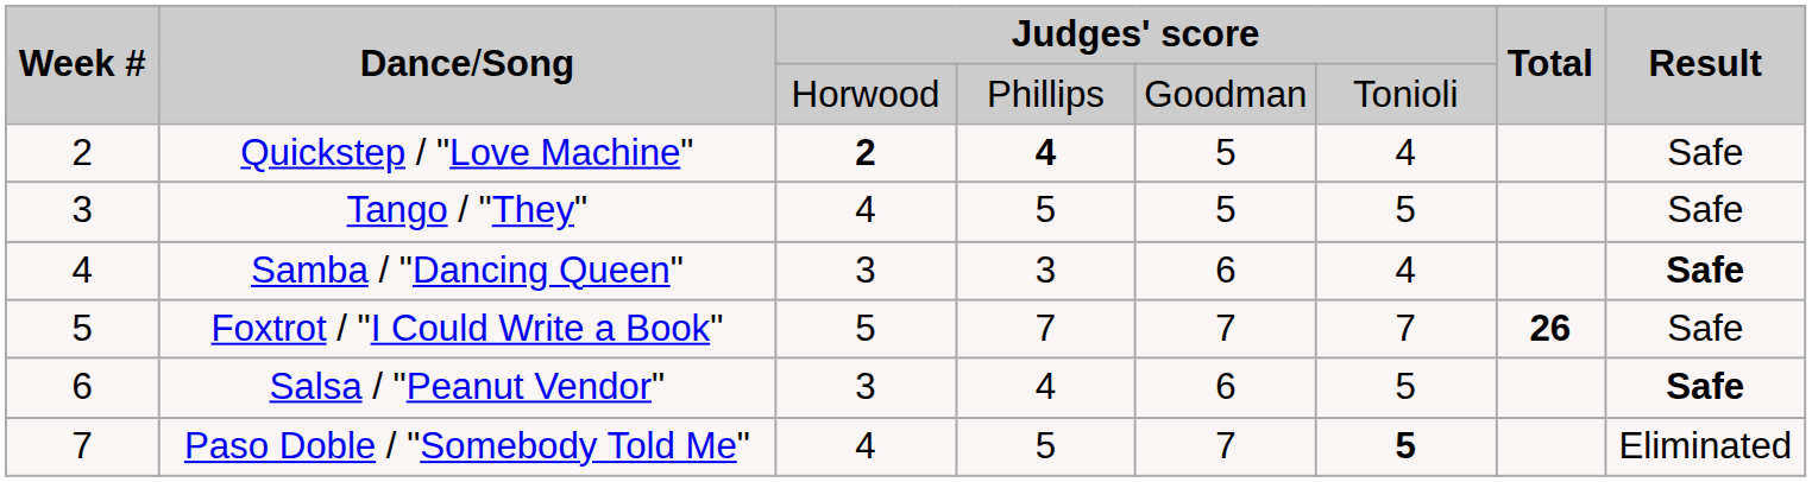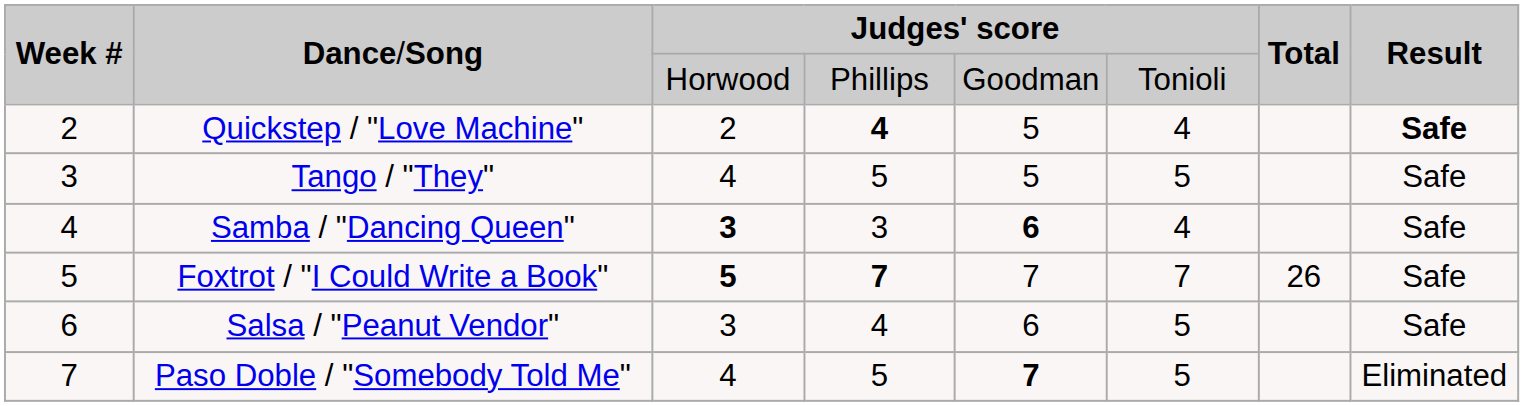 <table class="wikitable" style="margin:left;">
 <tr style="text-align:Center; background:#ccc;">
 <td rowspan="2"><strong>Week #</strong></td>
 <td rowspan="2"><strong>Dance</strong>/<strong>Song</strong></td>
 <td colspan="4"><strong>Judges' score</strong></td>
 <td rowspan="2"><strong>Total</strong></td>
 <td rowspan="2"><strong>Result</strong></td>
 </tr>
 <tr style="text-align:center; background:#ccc;">
 <td style="width:10%; ">Horwood</td>
 <td style="width:10%; ">Phillips</td>
 <td style="width:10%; ">Goodman</td>
 <td style="width:10%; ">Tonioli</td>
 </tr>
 <tr style="text-align:center; background:#faf6f6;">
 <td>2</td>
 <td><a href='#'>Quickstep</a> / "<a href='#'>Love Machine</a>"</td>
-<td><strong>2</strong></td>
+<td>2</td>
 <td><strong>4</strong></td>
 <td>5</td>
 <td>4</td>
 <td></td>
-<td>Safe</td>
+<td><strong>Safe</strong></td>
 </tr>
 <tr>
 <td style="text-align:center; background:#faf6f6;">3</td>
 <td style="text-align:center; background:#faf6f6;"><a href='#'>Tango</a> / "<a href='#'>They</a>"</td>
 <td style="text-align:center; background:#faf6f6;">4</td>
 <td style="text-align:center; background:#faf6f6;">5</td>
 <td style="text-align:center; background:#faf6f6;">5</td>
 <td style="text-align:center; background:#faf6f6;">5</td>
 <td style="text-align:center; background:#faf6f6;"></td>
 <td style="text-align:center; background:#faf6f6;">Safe</td>
 </tr>
 <tr style="text-align:center; background:#faf6f6;">
 <td>4</td>
 <td><a href='#'>Samba</a> / "<a href='#'>Dancing Queen</a>"</td>
+<td><strong>3</strong></td>
 <td>3</td>
-<td>3</td>
-<td>6</td>
+<td><strong>6</strong></td>
 <td>4</td>
 <td></td>
-<td><strong>Safe</strong></td>
+<td>Safe</td>
 </tr>
 <tr style="text-align:center; background:#faf6f6;">
 <td>5</td>
 <td><a href='#'>Foxtrot</a> / "<a href='#'>I Could Write a Book</a>"</td>
-<td>5</td>
+<td><strong>5</strong></td>
+<td><strong>7</strong></td>
 <td>7</td>
 <td>7</td>
-<td>7</td>
-<td><strong>26</strong></td>
+<td>26</td>
 <td>Safe</td>
 </tr>
 <tr style="text-align:center; background:#faf6f6;">
 <td>6</td>
 <td><a href='#'>Salsa</a> / "<a href='#'>Peanut Vendor</a>"</td>
 <td>3</td>
 <td>4</td>
 <td>6</td>
 <td>5</td>
 <td></td>
-<td><strong>Safe</strong></td>
+<td>Safe</td>
 </tr>
 <tr style="text-align:center; background:#faf6f6;">
 <td>7</td>
 <td><a href='#'>Paso Doble</a> / "<a href='#'>Somebody Told Me</a>"</td>
 <td>4</td>
 <td>5</td>
-<td>7</td>
-<td><strong>5</strong></td>
+<td><strong>7</strong></td>
+<td>5</td>
 <td></td>
 <td>Eliminated</td>
 </tr>
 </table>
